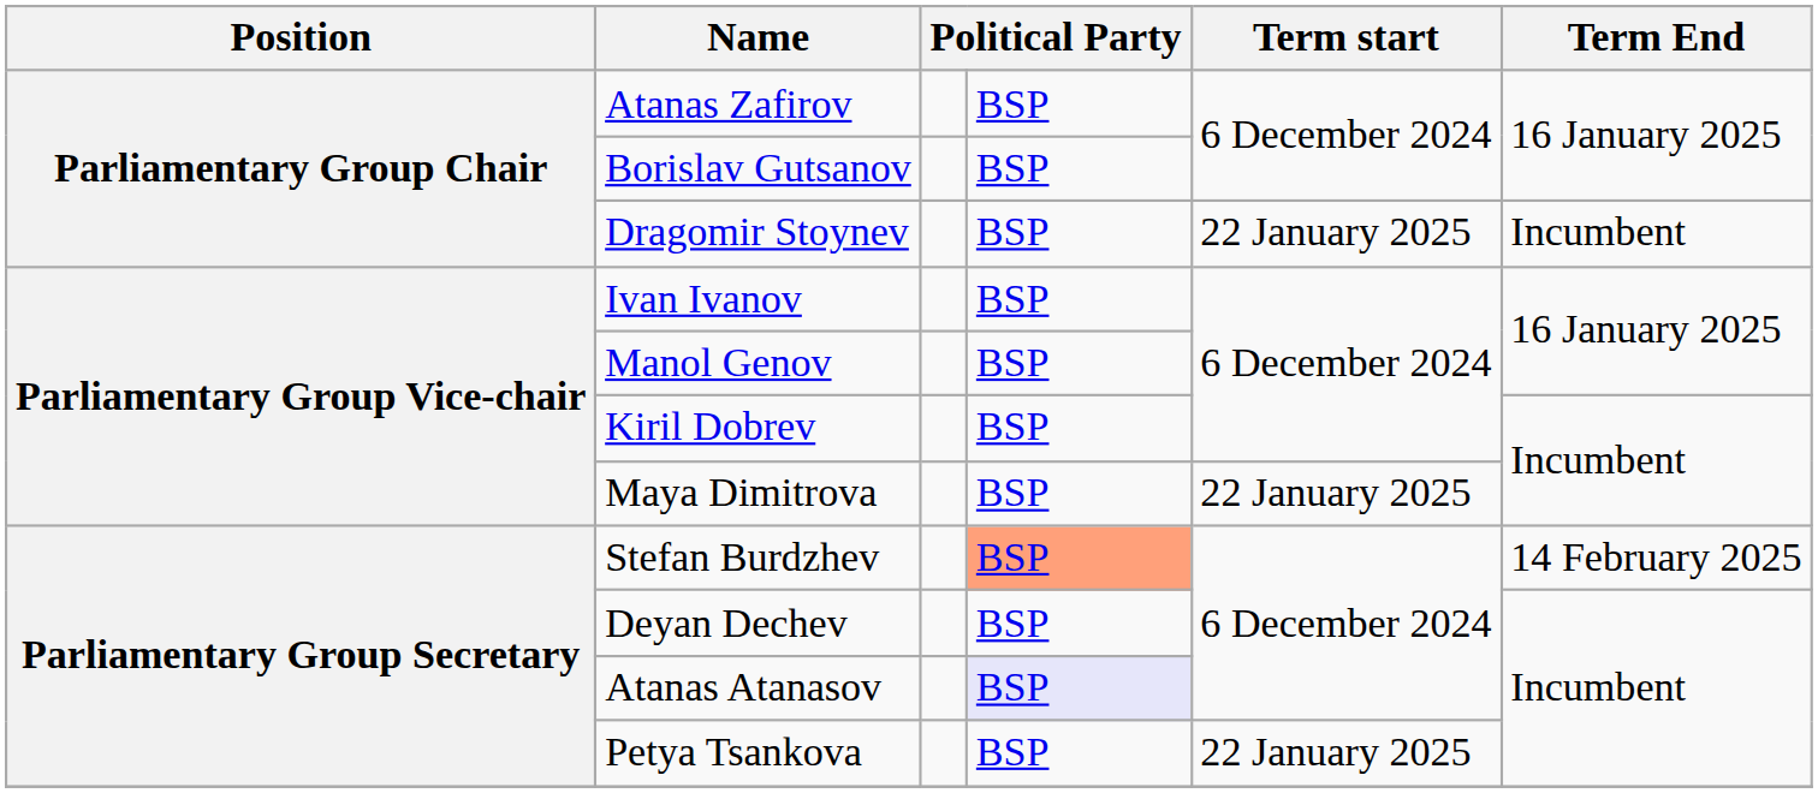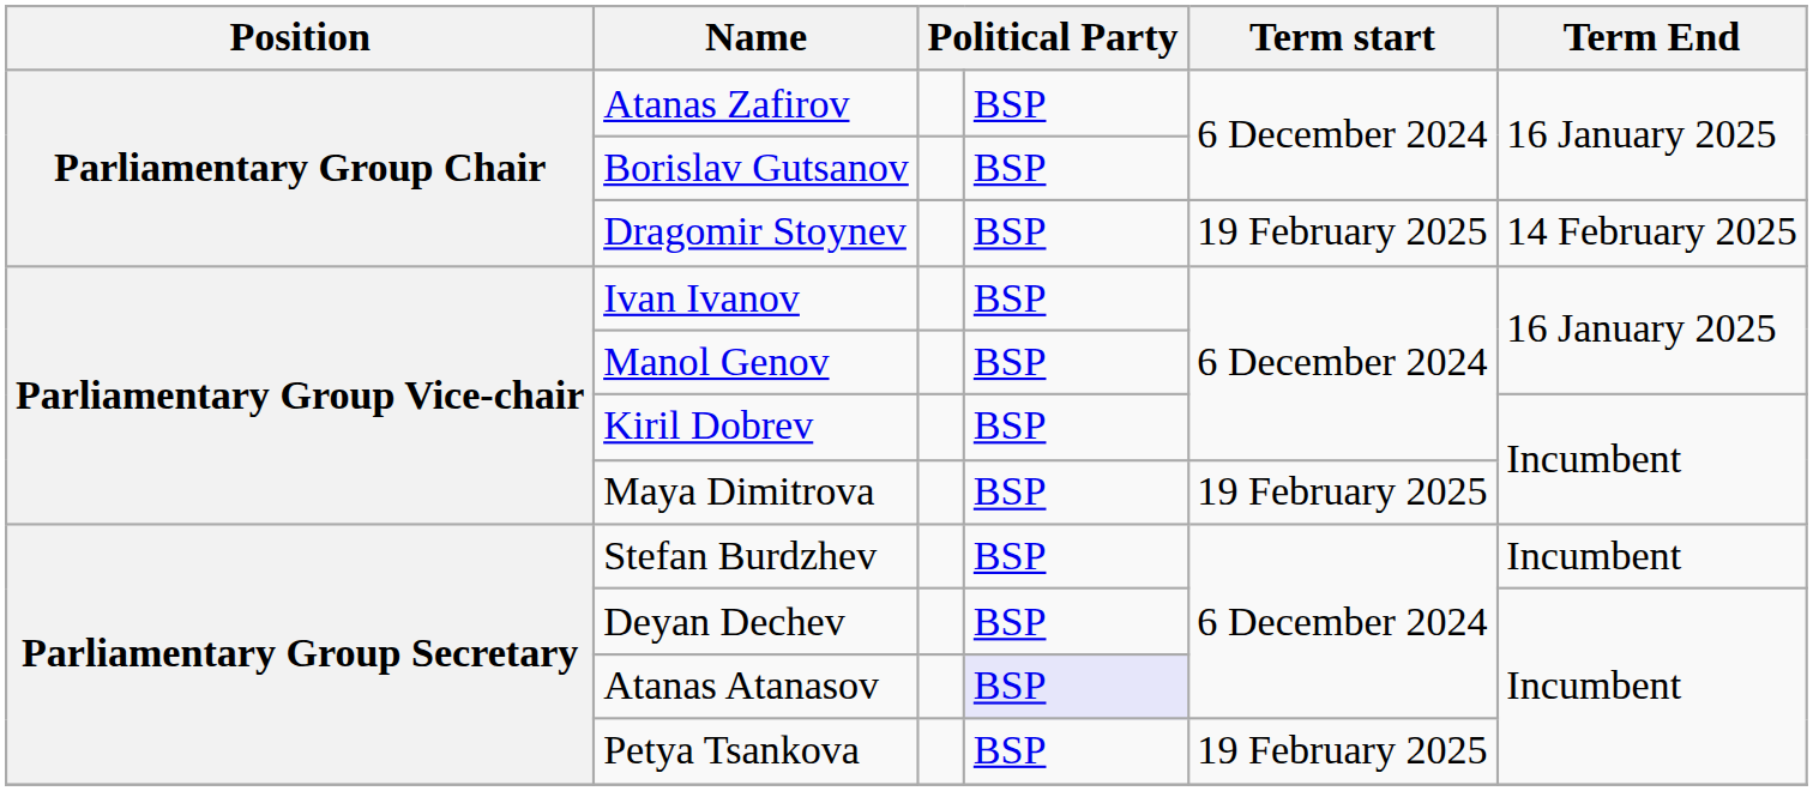 <table class="wikitable plainrowheaders">
 <tr>
 <th>Position</th>
 <th>Name</th>
 <th colspan="2">Political Party</th>
 <th>Term start</th>
 <th>Term End</th>
 </tr>
 <tr>
 <th rowspan="3">Parliamentary Group Chair</th>
 <td><a href='#'>Atanas Zafirov</a></td>
 <td style="background:"></td>
 <td><a href='#'>BSP</a></td>
 <td rowspan="2">6 December 2024</td>
 <td rowspan="2">16 January 2025</td>
 </tr>
 <tr>
 <td><a href='#'>Borislav Gutsanov</a></td>
 <td style="background:"></td>
 <td><a href='#'>BSP</a></td>
 </tr>
 <tr>
 <td><a href='#'>Dragomir Stoynev</a></td>
 <td style="background:"></td>
 <td><a href='#'>BSP</a></td>
-<td>22 January 2025</td>
-<td>Incumbent</td>
+<td>19 February 2025</td>
+<td>14 February 2025</td>
 </tr>
 <tr>
 <th rowspan="4">Parliamentary Group Vice-chair</th>
 <td><a href='#'>Ivan Ivanov</a></td>
 <td style="background:"></td>
 <td><a href='#'>BSP</a></td>
 <td rowspan="3">6 December 2024</td>
 <td rowspan = "2">16 January 2025</td>
 </tr>
 <tr>
 <td><a href='#'>Manol Genov</a></td>
 <td style="background:"></td>
 <td><a href='#'>BSP</a></td>
 </tr>
 <tr>
 <td><a href='#'>Kiril Dobrev</a></td>
 <td style="background:"></td>
 <td><a href='#'>BSP</a></td>
 <td rowspan = "2">Incumbent</td>
 </tr>
 <tr>
 <td>Maya Dimitrova</td>
 <td style="background:"></td>
 <td><a href='#'>BSP</a></td>
-<td>22 January 2025</td>
+<td>19 February 2025</td>
 </tr>
 <tr>
 <th rowspan = "4">Parliamentary Group Secretary</th>
 <td>Stefan Burdzhev</td>
 <td style="background:"></td>
-<td style="background: lightsalmon;"><a href='#'>BSP</a></td>
+<td><a href='#'>BSP</a></td>
 <td rowspan = "3">6 December 2024</td>
-<td>14 February 2025</td>
+<td>Incumbent</td>
 </tr>
 <tr>
 <td>Deyan Dechev</td>
 <td style="background:"></td>
 <td><a href='#'>BSP</a></td>
 <td rowspan = "3">Incumbent</td>
 </tr>
 <tr>
 <td>Atanas Atanasov</td>
 <td style="background:"></td>
 <td style="background: lavender;"><a href='#'>BSP</a></td>
 </tr>
 <tr>
 <td>Petya Tsankova</td>
 <td style="background:"></td>
 <td><a href='#'>BSP</a></td>
-<td>22 January 2025</td>
+<td>19 February 2025</td>
 </tr>
 <tr>
 </tr>
 </table>
